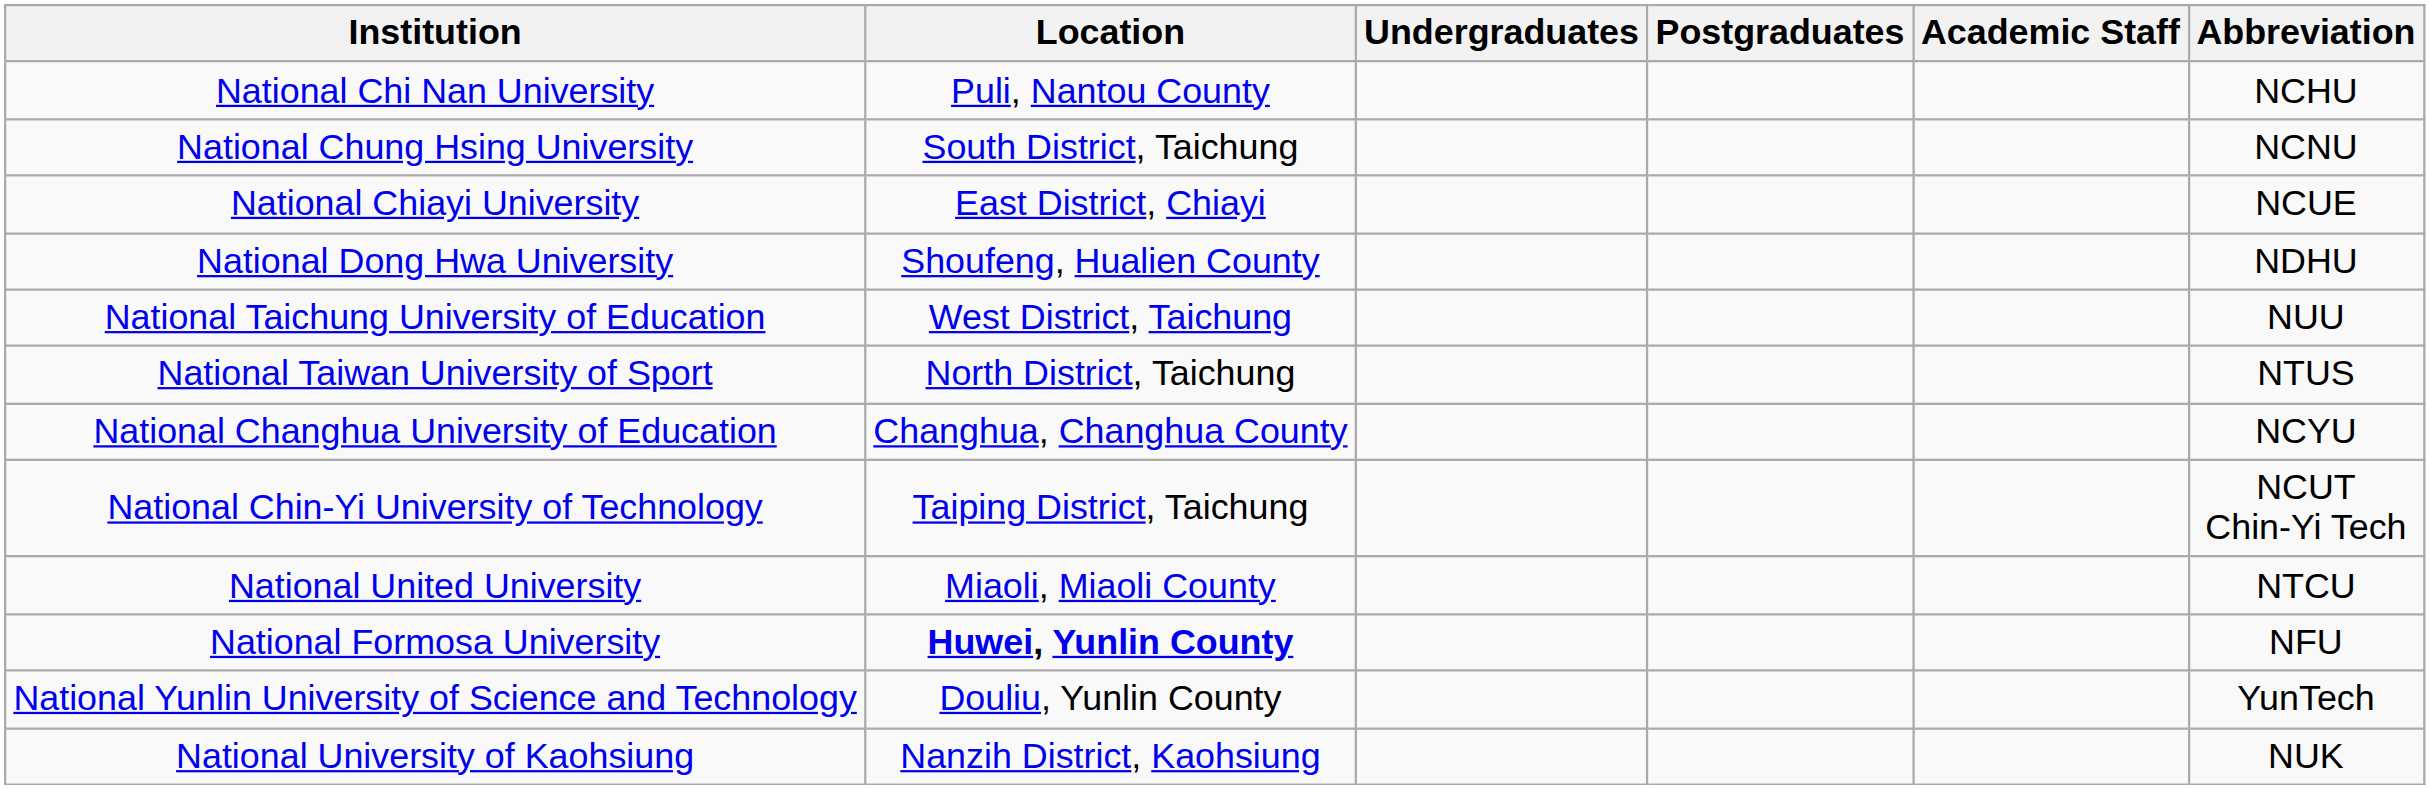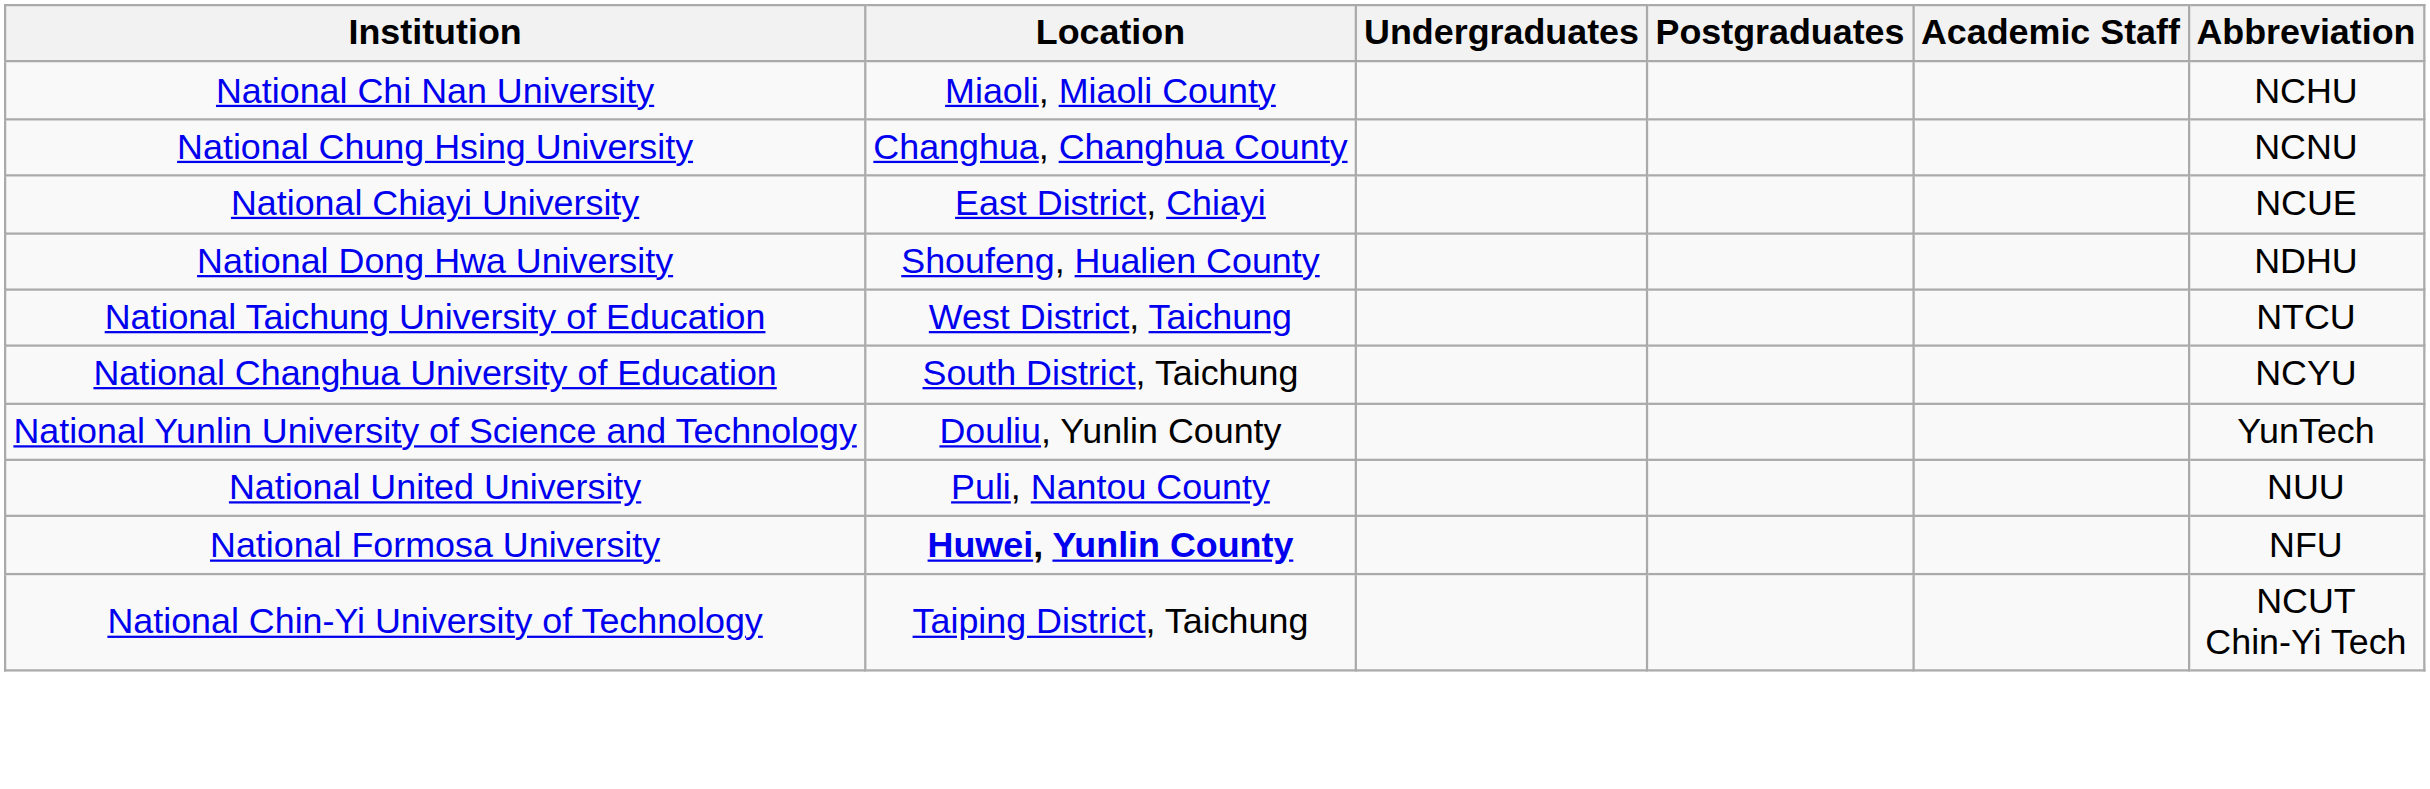 <table class="wikitable" style="text-align:center; margin-right:0; white-space:nowrap">
 <tr>
 <th>Institution</th>
 <th>Location</th>
 <th>Undergraduates</th>
 <th>Postgraduates</th>
 <th>Academic Staff</th>
 <th>Abbreviation</th>
 </tr>
 <tr>
 <td><a href='#'>National Chi Nan University</a></td>
-<td><a href='#'>Puli</a>, <a href='#'>Nantou County</a></td>
+<td><a href='#'>Miaoli</a>, <a href='#'>Miaoli County</a></td>
 <td></td>
 <td></td>
 <td></td>
 <td>NCHU</td>
 </tr>
 <tr>
 <td><a href='#'>National Chung Hsing University</a></td>
-<td><a href='#'>South District</a>, Taichung</td>
+<td><a href='#'>Changhua</a>, <a href='#'>Changhua County</a></td>
 <td></td>
 <td></td>
 <td></td>
 <td>NCNU</td>
 </tr>
 <tr>
 <td><a href='#'>National Chiayi University</a></td>
 <td><a href='#'>East District</a>, <a href='#'>Chiayi</a></td>
 <td></td>
 <td></td>
 <td></td>
 <td>NCUE</td>
 </tr>
 <tr>
 <td><a href='#'>National Dong Hwa University</a></td>
 <td><a href='#'>Shoufeng</a>, <a href='#'>Hualien County</a></td>
 <td></td>
 <td></td>
 <td></td>
 <td>NDHU</td>
 </tr>
 <tr>
 <td><a href='#'>National Taichung University of Education</a></td>
 <td><a href='#'>West District</a>, <a href='#'>Taichung</a></td>
 <td></td>
 <td></td>
 <td></td>
-<td>NUU</td>
-</tr>
-<tr>
-<td><a href='#'>National Taiwan University of Sport</a></td>
-<td><a href='#'>North District</a>, Taichung</td>
-<td></td>
-<td></td>
-<td></td>
-<td>NTUS</td>
+<td>NTCU</td>
 </tr>
 <tr>
 <td><a href='#'>National Changhua University of Education</a></td>
-<td><a href='#'>Changhua</a>, <a href='#'>Changhua County</a></td>
+<td><a href='#'>South District</a>, Taichung</td>
 <td></td>
 <td></td>
 <td></td>
 <td>NCYU</td>
 </tr>
 <tr>
-<td><a href='#'>National Chin-Yi University of Technology</a></td>
-<td><a href='#'>Taiping District</a>, Taichung</td>
+<td><a href='#'>National Yunlin University of Science and Technology</a></td>
+<td><a href='#'>Douliu</a>, Yunlin County</td>
 <td></td>
 <td></td>
 <td></td>
-<td>NCUT<br>Chin-Yi Tech</td>
+<td>YunTech</td>
 </tr>
 <tr>
 <td><a href='#'>National United University</a></td>
-<td><a href='#'>Miaoli</a>, <a href='#'>Miaoli County</a></td>
+<td><a href='#'>Puli</a>, <a href='#'>Nantou County</a></td>
 <td></td>
 <td></td>
 <td></td>
-<td>NTCU</td>
+<td>NUU</td>
 </tr>
 <tr>
 <td><a href='#'>National Formosa University</a></td>
 <td><strong><a href='#'>Huwei</a>, <a href='#'>Yunlin County</a></strong></td>
 <td></td>
 <td></td>
 <td></td>
 <td>NFU</td>
 </tr>
 <tr>
-<td><a href='#'>National Yunlin University of Science and Technology</a></td>
-<td><a href='#'>Douliu</a>, Yunlin County</td>
+<td><a href='#'>National Chin-Yi University of Technology</a></td>
+<td><a href='#'>Taiping District</a>, Taichung</td>
 <td></td>
 <td></td>
 <td></td>
-<td>YunTech</td>
-</tr>
-<tr>
-<td><a href='#'>National University of Kaohsiung</a></td>
-<td><a href='#'>Nanzih District</a>, <a href='#'>Kaohsiung</a></td>
-<td></td>
-<td></td>
-<td></td>
-<td>NUK</td>
+<td>NCUT<br>Chin-Yi Tech</td>
 </tr>
 </table>
